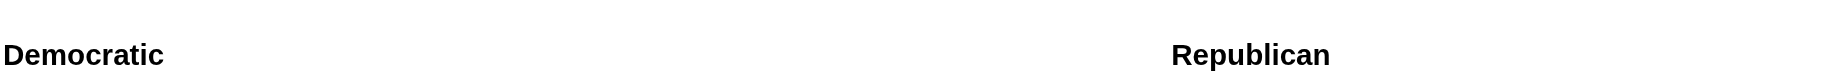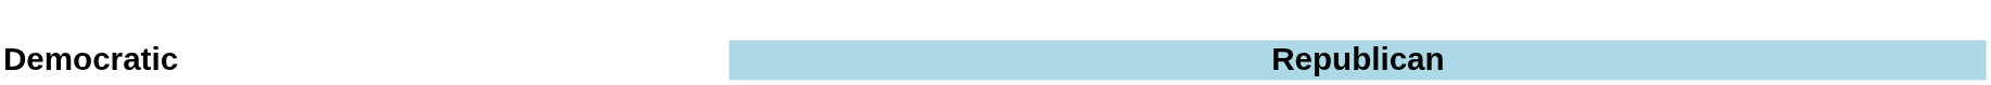 <table style="width:100%; text-align:center">
 <tr style="color:white">
 <td style="background:"><strong>292</strong></td>
 <td style="background:"><strong>143</strong></td>
 </tr>
 <tr>
 <td><span><strong>Democratic</strong></span></td>
-<td><span><strong>Republican</strong></span></td>
+<td style="background: lightblue;"><span><strong>Republican</strong></span></td>
 </tr>
 </table>
